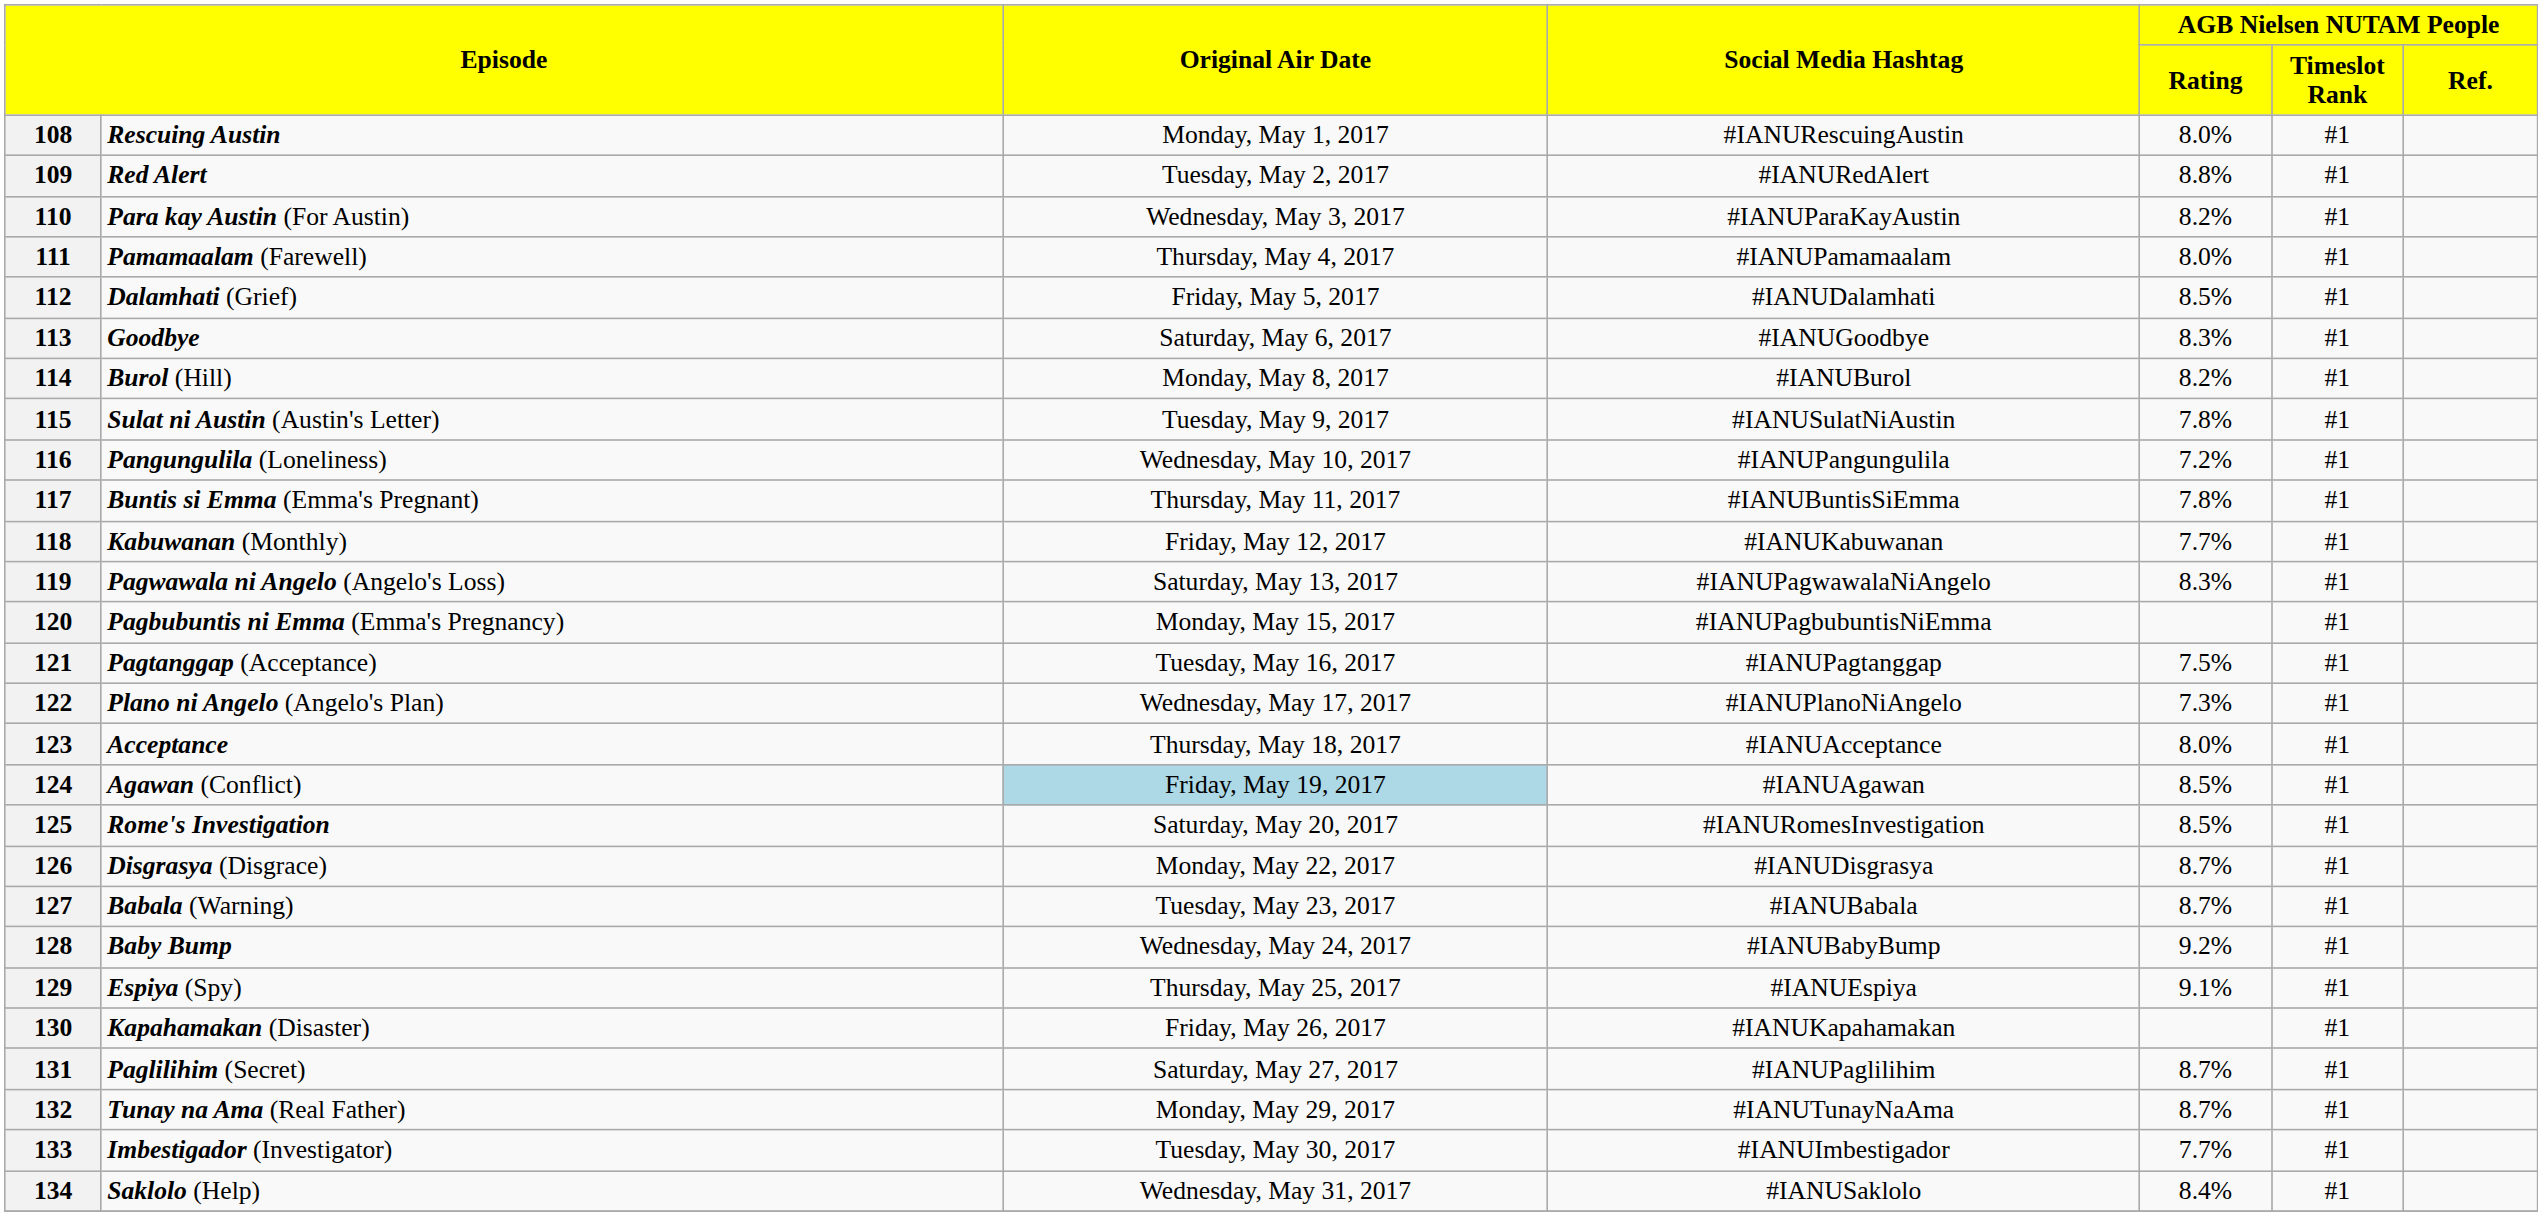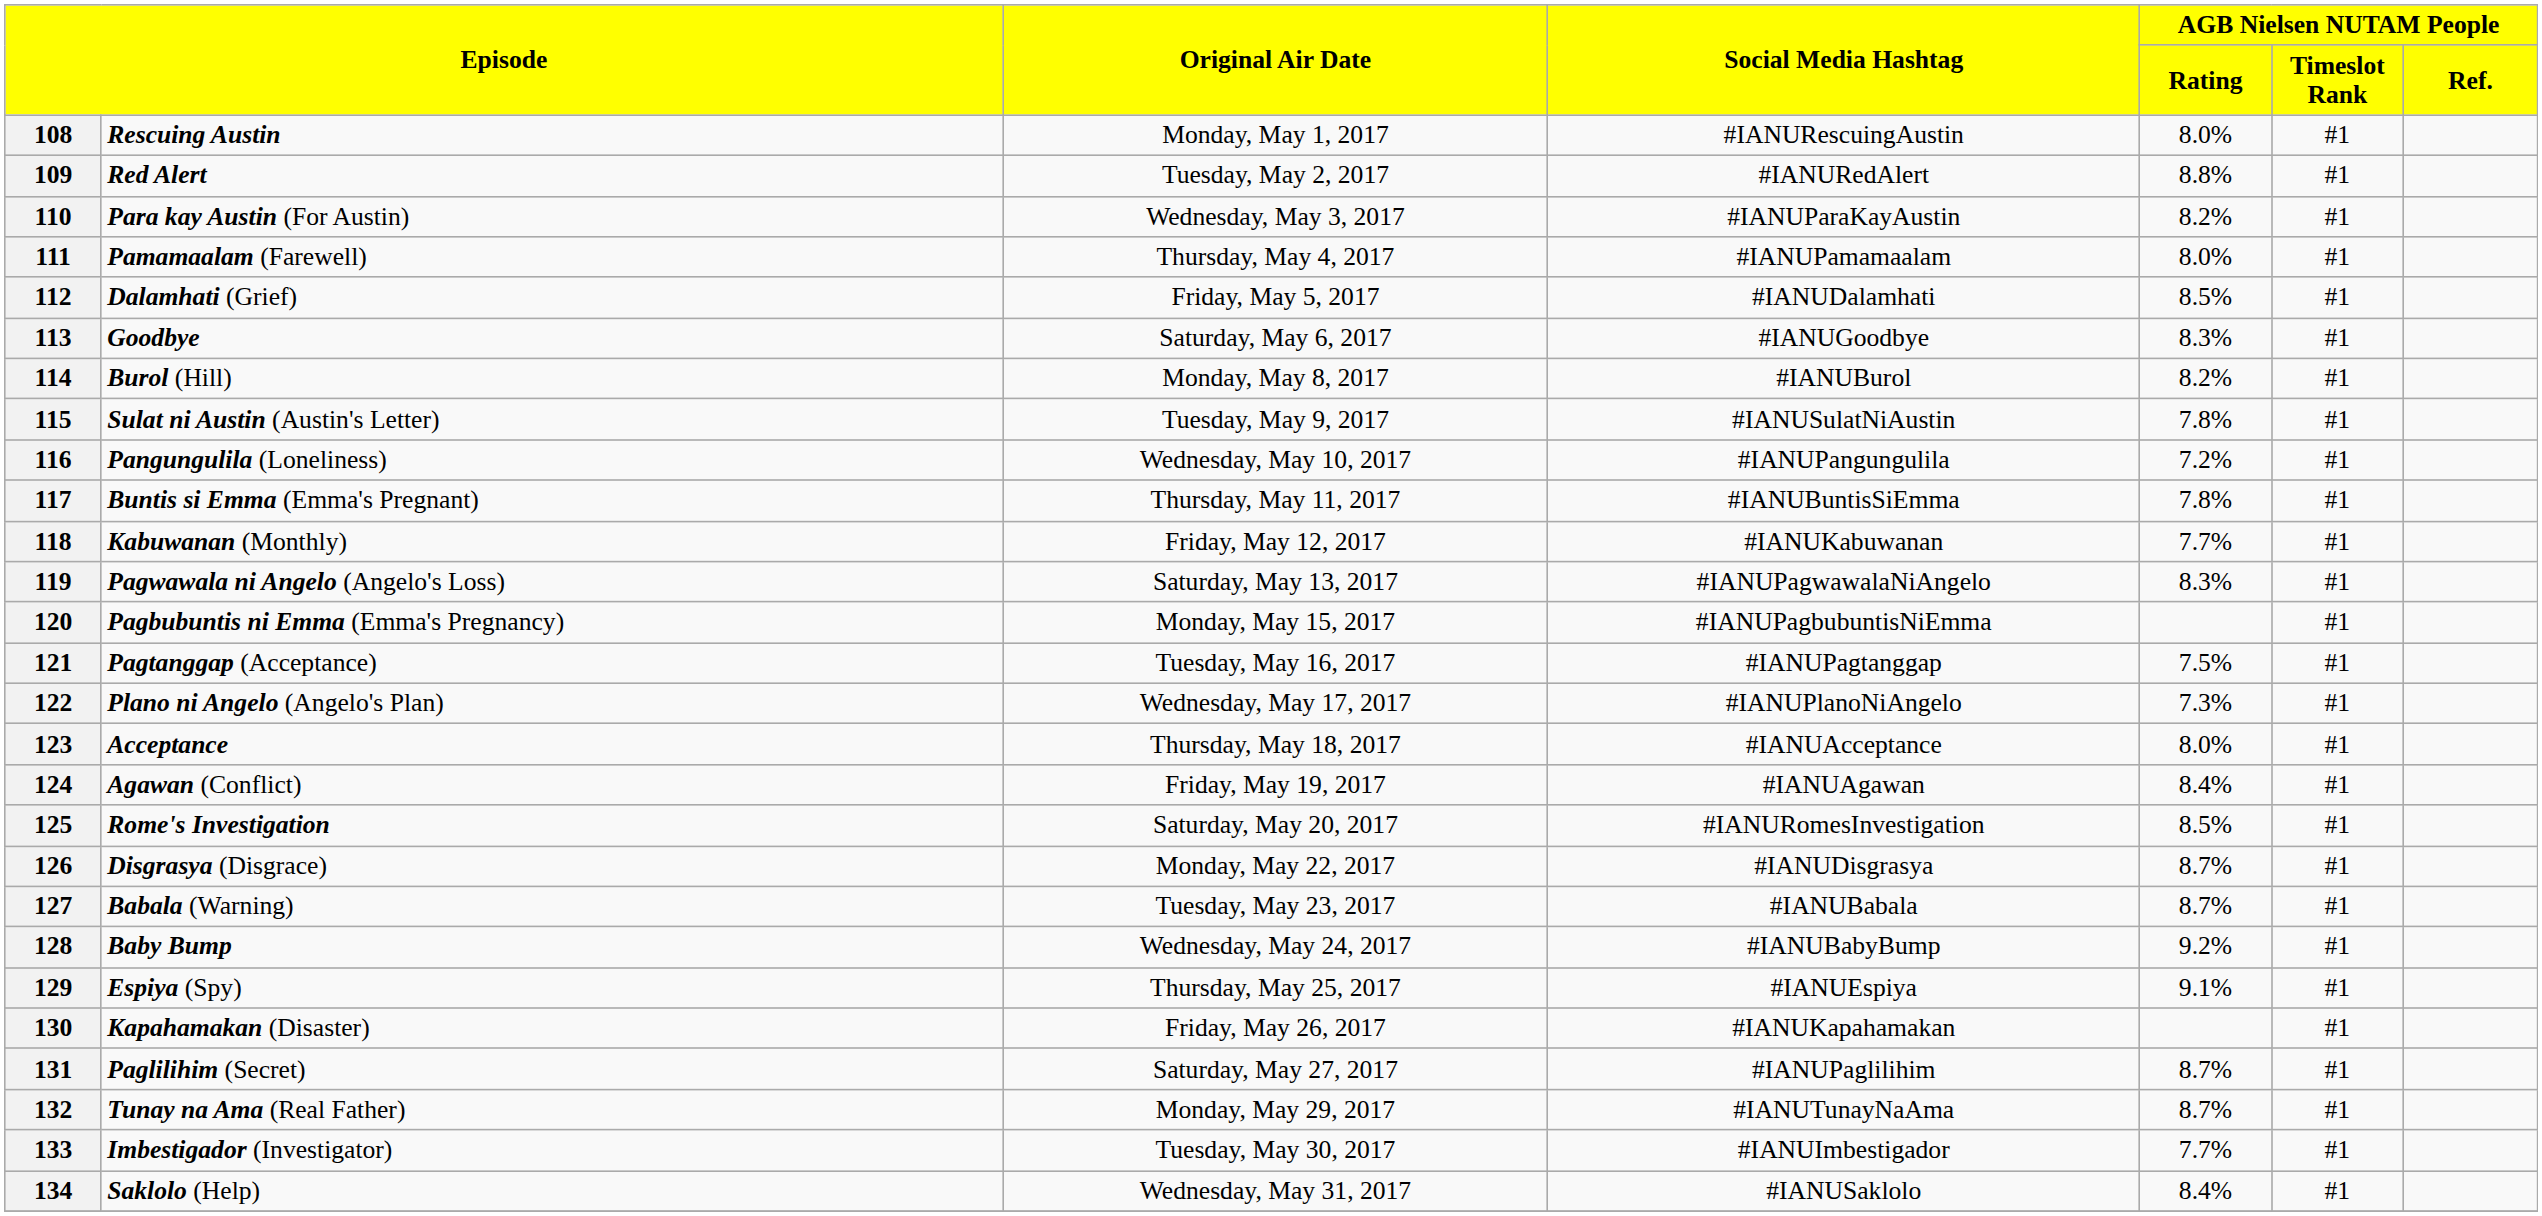 <table class="wikitable" style="text-align:center; font-size:100%; line-height:18px;"  width="100%">
 <tr>
 <th colspan="2" rowspan="2" style="background-color:#FFFF00; color:#000000;">Episode</th>
 <th style="background:#FFFF00; color:black" rowspan="2">Original Air Date</th>
 <th style="background:#FFFF00; color:black" rowspan="2">Social Media Hashtag</th>
 <th style="background-color:#FFFF00; color:#000000;" colspan="3">AGB Nielsen NUTAM People</th>
 </tr>
 <tr>
 <th style="background-color:#FFFF00; width:75px; color:#000000;">Rating</th>
 <th style="background-color:#FFFF00; width:75px; color:#000000;">Timeslot<br>Rank</th>
 <th style="background-color:#FFFF00; color:#000000;">Ref.</th>
 </tr>
 <tr>
 <th>108</th>
 <td style="text-align: left;"><strong><em>Rescuing Austin</em></strong></td>
 <td>Monday, May 1, 2017</td>
 <td>#IANURescuingAustin</td>
 <td>8.0%</td>
 <td>#1</td>
 <td></td>
 </tr>
 <tr>
 <th>109</th>
 <td style="text-align: left;"><strong><em>Red Alert</em></strong></td>
 <td>Tuesday, May 2, 2017</td>
 <td>#IANURedAlert</td>
 <td>8.8%</td>
 <td>#1</td>
 <td></td>
 </tr>
 <tr>
 <th>110</th>
 <td style="text-align: left;"><strong><em>Para kay Austin</em></strong> (For Austin)</td>
 <td>Wednesday, May 3, 2017</td>
 <td>#IANUParaKayAustin</td>
 <td>8.2%</td>
 <td>#1</td>
 <td></td>
 </tr>
 <tr>
 <th>111</th>
 <td style="text-align: left;"><strong><em>Pamamaalam</em></strong> (Farewell)</td>
 <td>Thursday, May 4, 2017</td>
 <td>#IANUPamamaalam</td>
 <td>8.0%</td>
 <td>#1</td>
 <td></td>
 </tr>
 <tr>
 <th>112</th>
 <td style="text-align: left;"><strong><em>Dalamhati</em></strong> (Grief)</td>
 <td>Friday, May 5, 2017</td>
 <td>#IANUDalamhati</td>
 <td>8.5%</td>
 <td>#1</td>
 <td></td>
 </tr>
 <tr>
 <th>113</th>
 <td style="text-align: left;"><strong><em>Goodbye</em></strong></td>
 <td>Saturday, May 6, 2017</td>
 <td>#IANUGoodbye</td>
 <td>8.3%</td>
 <td>#1</td>
 <td></td>
 </tr>
 <tr>
 <th>114</th>
 <td style="text-align: left;"><strong><em>Burol</em></strong> (Hill)</td>
 <td>Monday, May 8, 2017</td>
 <td>#IANUBurol</td>
 <td>8.2%</td>
 <td>#1</td>
 <td></td>
 </tr>
 <tr>
 <th>115</th>
 <td style="text-align: left;"><strong><em>Sulat ni Austin</em></strong> (Austin's Letter)</td>
 <td>Tuesday, May 9, 2017</td>
 <td>#IANUSulatNiAustin</td>
 <td>7.8%</td>
 <td>#1</td>
 <td></td>
 </tr>
 <tr>
 <th>116</th>
 <td style="text-align: left;"><strong><em>Pangungulila</em></strong> (Loneliness)</td>
 <td>Wednesday, May 10, 2017</td>
 <td>#IANUPangungulila</td>
 <td>7.2%</td>
 <td>#1</td>
 <td></td>
 </tr>
 <tr>
 <th>117</th>
 <td style="text-align: left;"><strong><em>Buntis si Emma</em></strong> (Emma's Pregnant)</td>
 <td>Thursday, May 11, 2017</td>
 <td>#IANUBuntisSiEmma</td>
 <td>7.8%</td>
 <td>#1</td>
 <td></td>
 </tr>
 <tr>
 <th>118</th>
 <td style="text-align: left;"><strong><em>Kabuwanan</em></strong> (Monthly)</td>
 <td>Friday, May 12, 2017</td>
 <td>#IANUKabuwanan</td>
 <td>7.7%</td>
 <td>#1</td>
 <td></td>
 </tr>
 <tr>
 <th>119</th>
 <td style="text-align: left;"><strong><em>Pagwawala ni Angelo</em></strong> (Angelo's Loss)</td>
 <td>Saturday, May 13, 2017</td>
 <td>#IANUPagwawalaNiAngelo</td>
 <td>8.3%</td>
 <td>#1</td>
 <td></td>
 </tr>
 <tr>
 <th>120</th>
 <td style="text-align: left;"><strong><em>Pagbubuntis ni Emma</em></strong> (Emma's Pregnancy)</td>
 <td>Monday, May 15, 2017</td>
 <td>#IANUPagbubuntisNiEmma</td>
 <td></td>
 <td>#1</td>
 <td></td>
 </tr>
 <tr>
 <th>121</th>
 <td style="text-align: left;"><strong><em>Pagtanggap</em></strong> (Acceptance)</td>
 <td>Tuesday, May 16, 2017</td>
 <td>#IANUPagtanggap</td>
 <td>7.5%</td>
 <td>#1</td>
 <td></td>
 </tr>
 <tr>
 <th>122</th>
 <td style="text-align: left;"><strong><em>Plano ni Angelo</em></strong> (Angelo's Plan)</td>
 <td>Wednesday, May 17, 2017</td>
 <td>#IANUPlanoNiAngelo</td>
 <td>7.3%</td>
 <td>#1</td>
 <td></td>
 </tr>
 <tr>
 <th>123</th>
 <td style="text-align: left;"><strong><em>Acceptance</em></strong></td>
 <td>Thursday, May 18, 2017</td>
 <td>#IANUAcceptance</td>
 <td>8.0%</td>
 <td>#1</td>
 <td></td>
 </tr>
 <tr>
 <th>124</th>
 <td style="text-align: left;"><strong><em>Agawan</em></strong> (Conflict)</td>
-<td style="background: lightblue;">Friday, May 19, 2017</td>
+<td>Friday, May 19, 2017</td>
 <td>#IANUAgawan</td>
-<td>8.5%</td>
+<td>8.4%</td>
 <td>#1</td>
 <td></td>
 </tr>
 <tr>
 <th>125</th>
 <td style="text-align: left;"><strong><em>Rome's Investigation</em></strong></td>
 <td>Saturday, May 20, 2017</td>
 <td>#IANURomesInvestigation</td>
 <td>8.5%</td>
 <td>#1</td>
 <td></td>
 </tr>
 <tr>
 <th>126</th>
 <td style="text-align: left;"><strong><em>Disgrasya</em></strong> (Disgrace)</td>
 <td>Monday, May 22, 2017</td>
 <td>#IANUDisgrasya</td>
 <td>8.7%</td>
 <td>#1</td>
 <td></td>
 </tr>
 <tr>
 <th>127</th>
 <td style="text-align: left;"><strong><em>Babala</em></strong> (Warning)</td>
 <td>Tuesday, May 23, 2017</td>
 <td>#IANUBabala</td>
 <td>8.7%</td>
 <td>#1</td>
 <td></td>
 </tr>
 <tr>
 <th>128</th>
 <td style="text-align: left;"><strong><em>Baby Bump</em></strong></td>
 <td>Wednesday, May 24, 2017</td>
 <td>#IANUBabyBump</td>
 <td>9.2%</td>
 <td>#1</td>
 <td></td>
 </tr>
 <tr>
 <th>129</th>
 <td style="text-align: left;"><strong><em>Espiya</em></strong> (Spy)</td>
 <td>Thursday, May 25, 2017</td>
 <td>#IANUEspiya</td>
 <td>9.1%</td>
 <td>#1</td>
 <td></td>
 </tr>
 <tr>
 <th>130</th>
 <td style="text-align: left;"><strong><em>Kapahamakan</em></strong> (Disaster)</td>
 <td>Friday, May 26, 2017</td>
 <td>#IANUKapahamakan</td>
 <td></td>
 <td>#1</td>
 <td></td>
 </tr>
 <tr>
 <th>131</th>
 <td style="text-align: left;"><strong><em>Paglilihim</em></strong> (Secret)</td>
 <td>Saturday, May 27, 2017</td>
 <td>#IANUPaglilihim</td>
 <td>8.7%</td>
 <td>#1</td>
 <td></td>
 </tr>
 <tr>
 <th>132</th>
 <td style="text-align: left;"><strong><em>Tunay na Ama</em></strong> (Real Father)</td>
 <td>Monday, May 29, 2017</td>
 <td>#IANUTunayNaAma</td>
 <td>8.7%</td>
 <td>#1</td>
 <td></td>
 </tr>
 <tr>
 <th>133</th>
 <td style="text-align: left;"><strong><em>Imbestigador</em></strong> (Investigator)</td>
 <td>Tuesday, May 30, 2017</td>
 <td>#IANUImbestigador</td>
 <td>7.7%</td>
 <td>#1</td>
 <td></td>
 </tr>
 <tr>
 <th>134</th>
 <td style="text-align: left;"><strong><em>Saklolo</em></strong> (Help)</td>
 <td>Wednesday, May 31, 2017</td>
 <td>#IANUSaklolo</td>
 <td>8.4%</td>
 <td>#1</td>
 <td></td>
 </tr>
 <tr>
 </tr>
 </table>
